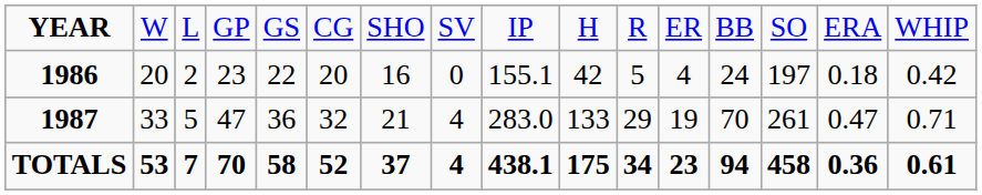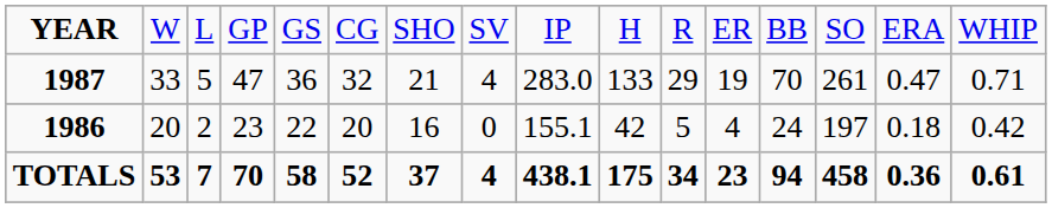 <table class="wikitable" style="text-align:center;">
 <tr>
 <td><strong>YEAR</strong></td>
 <td><a href='#'>W</a></td>
 <td><a href='#'>L</a></td>
 <td><a href='#'>GP</a></td>
 <td><a href='#'>GS</a></td>
 <td><a href='#'>CG</a></td>
 <td><a href='#'>SHO</a></td>
 <td><a href='#'>SV</a></td>
 <td><a href='#'>IP</a></td>
 <td><a href='#'>H</a></td>
 <td><a href='#'>R</a></td>
 <td><a href='#'>ER</a></td>
 <td><a href='#'>BB</a></td>
 <td><a href='#'>SO</a></td>
 <td><a href='#'>ERA</a></td>
 <td><a href='#'>WHIP</a></td>
 </tr>
 <tr>
+<td><strong>1987</strong></td>
+<td>33</td>
+<td>5</td>
+<td>47</td>
+<td>36</td>
+<td>32</td>
+<td>21</td>
+<td>4</td>
+<td>283.0</td>
+<td>133</td>
+<td>29</td>
+<td>19</td>
+<td>70</td>
+<td>261</td>
+<td>0.47</td>
+<td>0.71</td>
+</tr>
+<tr>
 <td><strong>1986</strong></td>
 <td>20</td>
 <td>2</td>
 <td>23</td>
 <td>22</td>
 <td>20</td>
 <td>16</td>
 <td>0</td>
 <td>155.1</td>
 <td>42</td>
 <td>5</td>
 <td>4</td>
 <td>24</td>
 <td>197</td>
 <td>0.18</td>
 <td>0.42</td>
-</tr>
-<tr>
-<td><strong>1987</strong></td>
-<td>33</td>
-<td>5</td>
-<td>47</td>
-<td>36</td>
-<td>32</td>
-<td>21</td>
-<td>4</td>
-<td>283.0</td>
-<td>133</td>
-<td>29</td>
-<td>19</td>
-<td>70</td>
-<td>261</td>
-<td>0.47</td>
-<td>0.71</td>
 </tr>
 <tr>
 <td><strong>TOTALS</strong></td>
 <td><strong>53</strong></td>
 <td><strong>7</strong></td>
 <td><strong>70</strong></td>
 <td><strong>58</strong></td>
 <td><strong>52</strong></td>
 <td><strong>37</strong></td>
 <td><strong>4</strong></td>
 <td><strong>438.1</strong></td>
 <td><strong>175</strong></td>
 <td><strong>34</strong></td>
 <td><strong>23</strong></td>
 <td><strong>94</strong></td>
 <td><strong>458</strong></td>
 <td><strong>0.36</strong></td>
 <td><strong>0.61</strong></td>
 </tr>
 </table>
